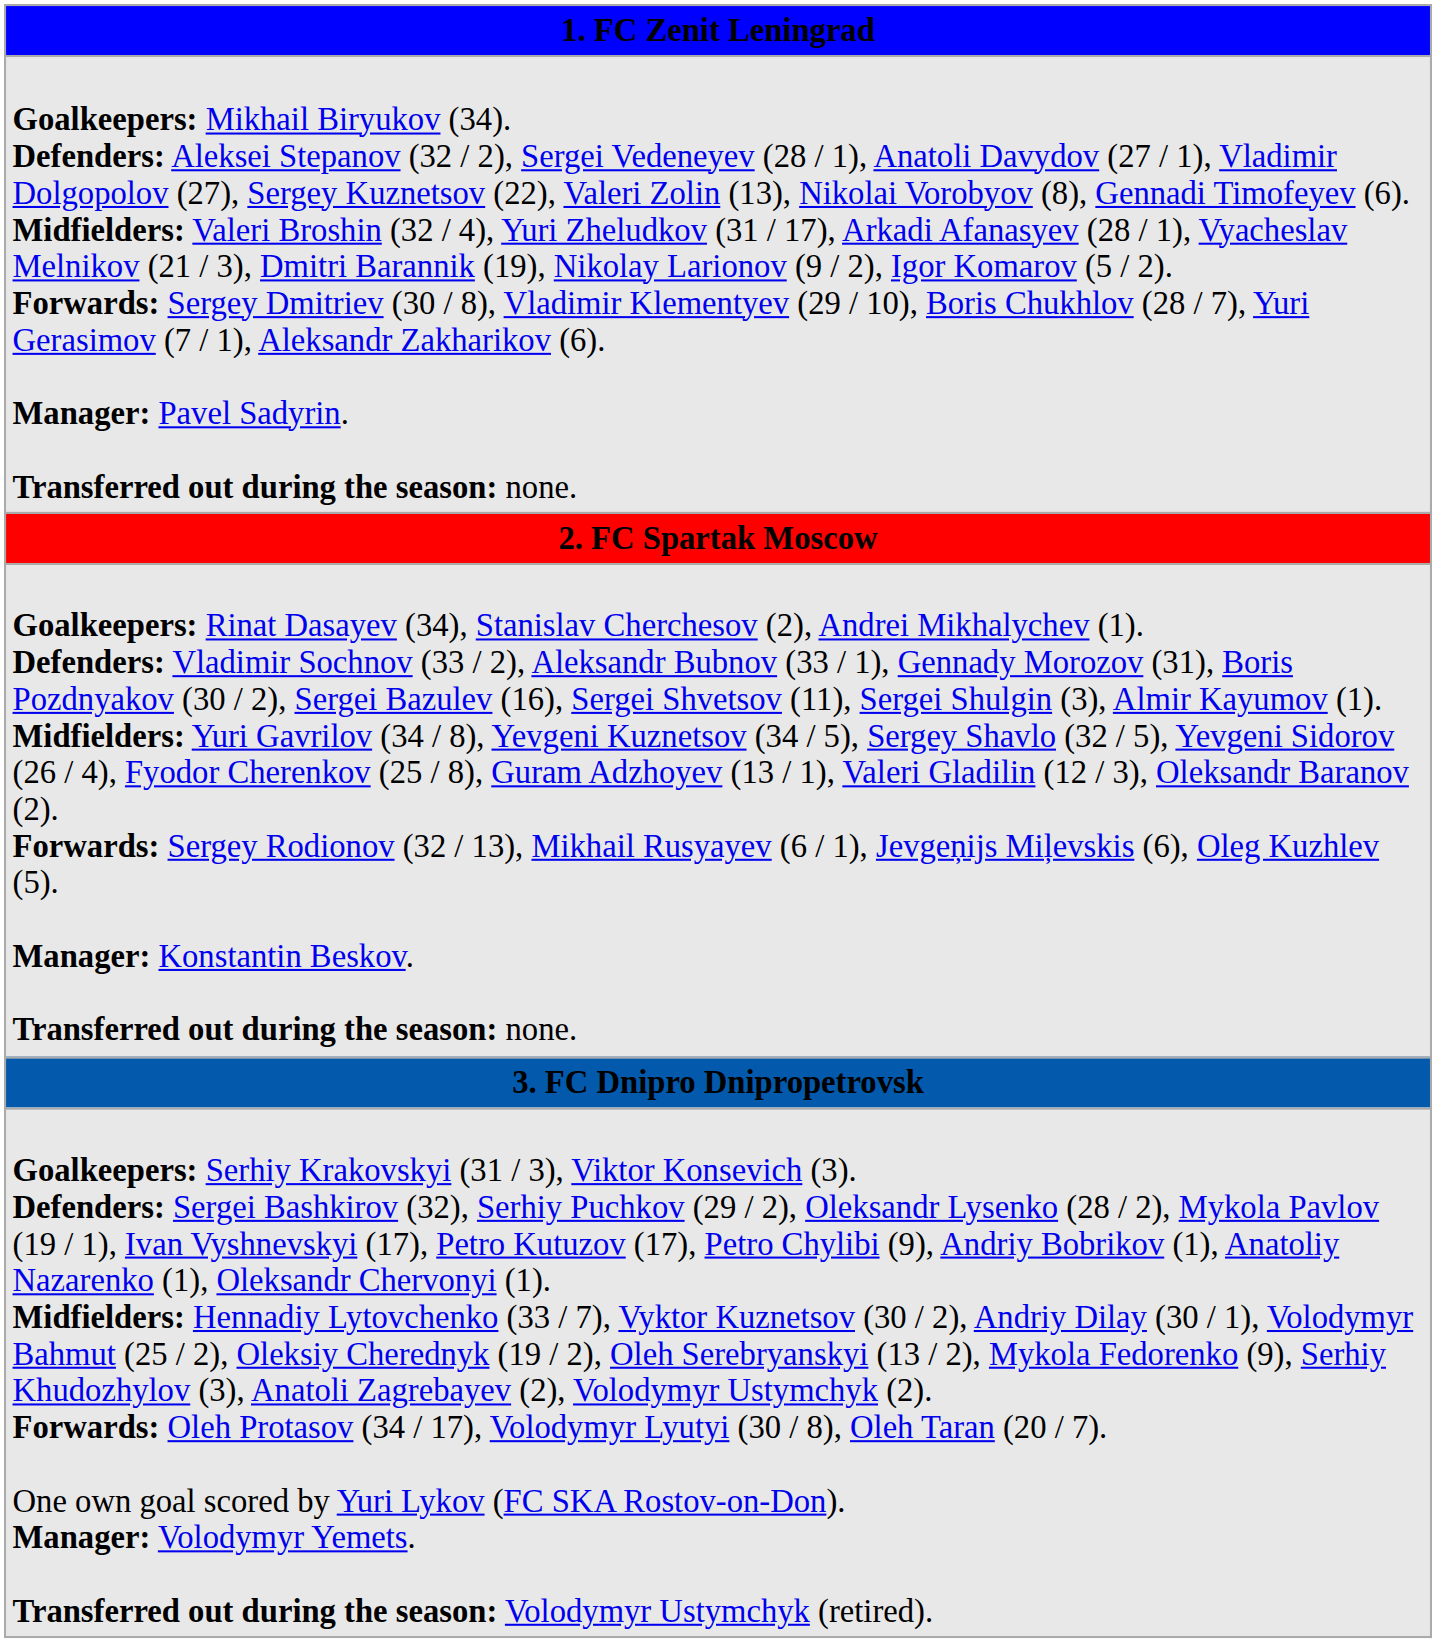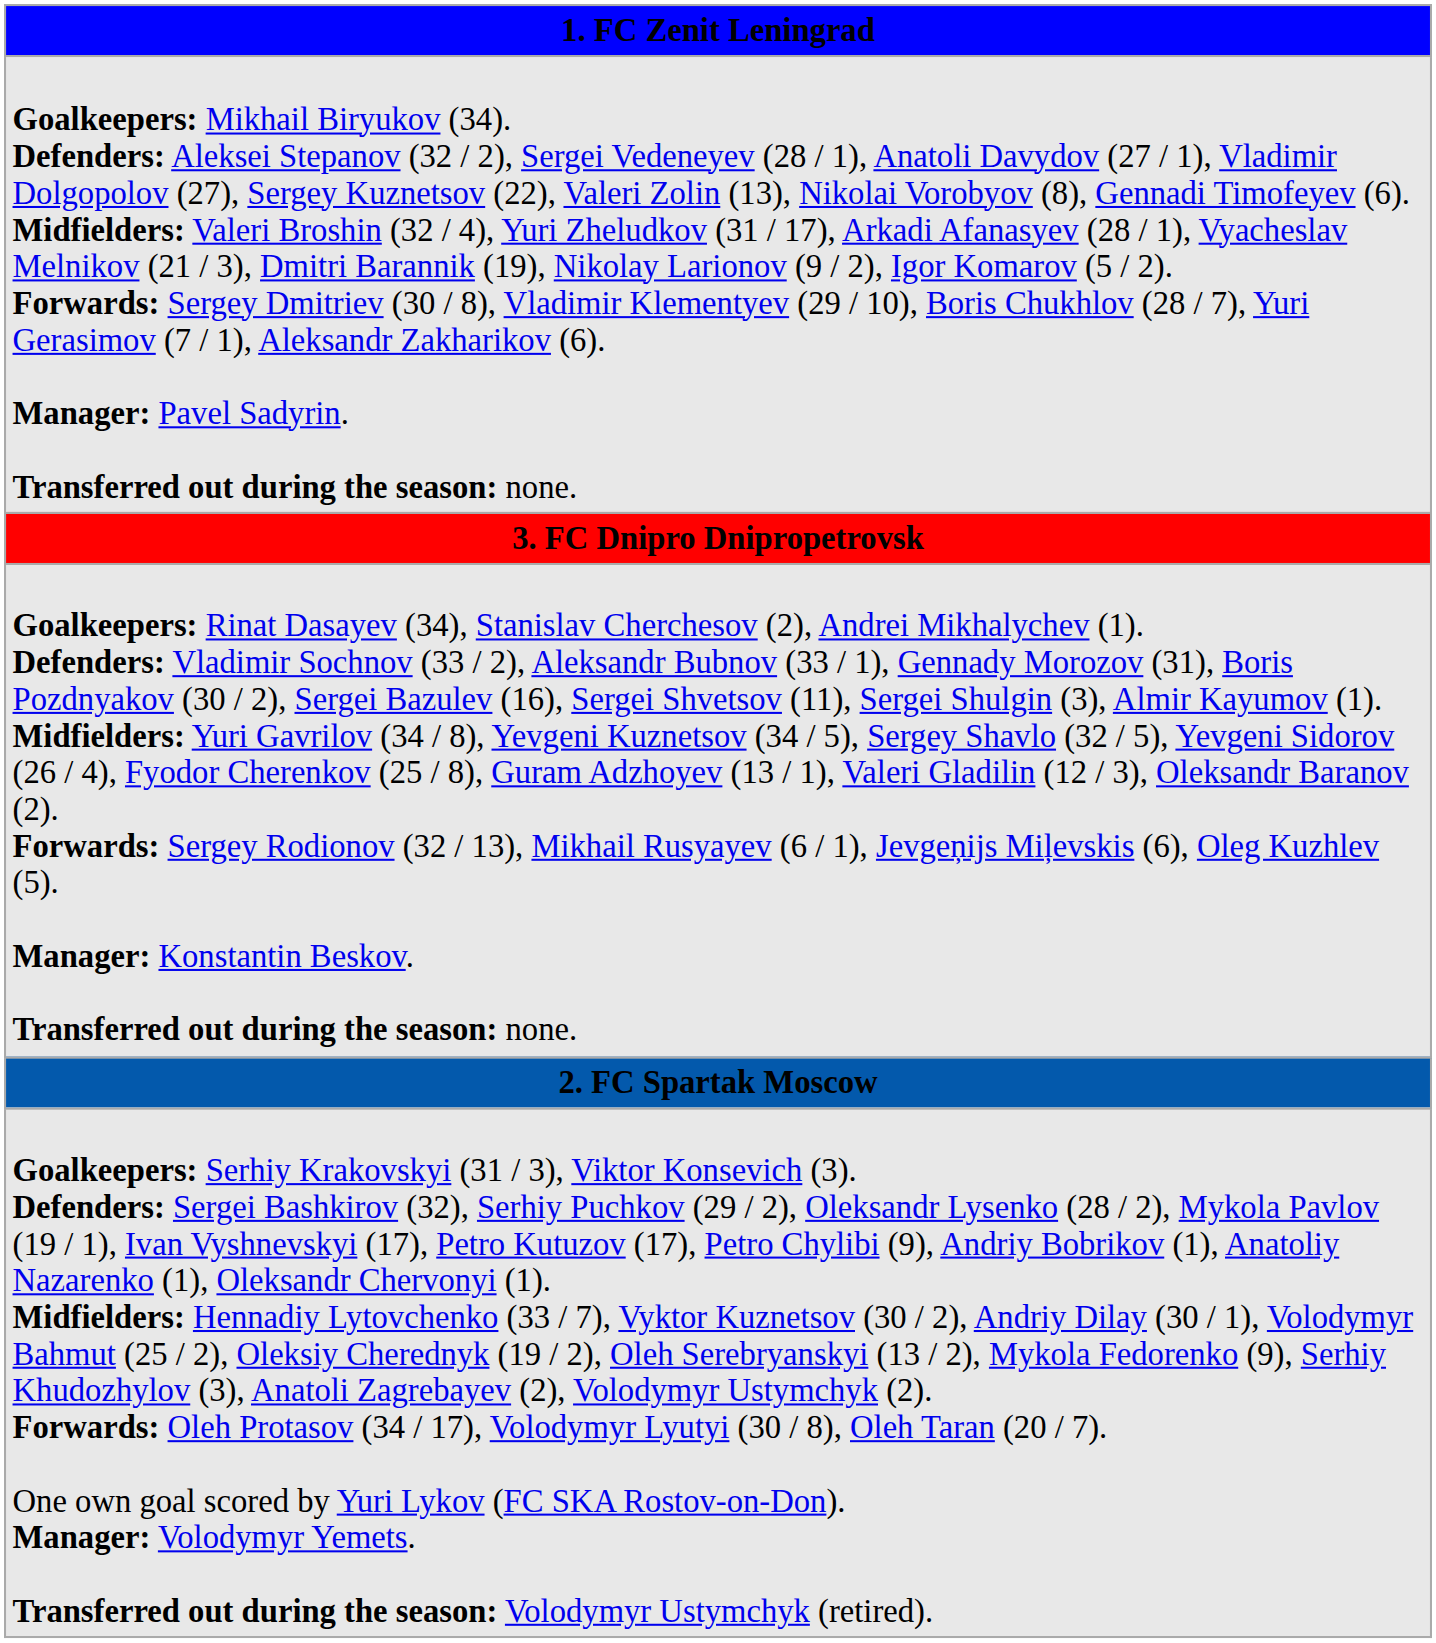 <table class="wikitable" style="width:700px;">
 <tr style="background:#00f;">
 <td style="text-align:center; width:700px;"><span> <strong>1. FC Zenit Leningrad</strong> </span></td>
 </tr>
 <tr style="background:#e8e8e8;">
 <td style="text-align:left; width:700px;"><br><strong>Goalkeepers:</strong> <a href='#'>Mikhail Biryukov</a> (34).<br> <strong>Defenders:</strong> <a href='#'>Aleksei Stepanov</a> (32 / 2), <a href='#'>Sergei Vedeneyev</a> (28 / 1), <a href='#'>Anatoli Davydov</a> (27 / 1), <a href='#'>Vladimir Dolgopolov</a> (27), <a href='#'>Sergey Kuznetsov</a> (22), <a href='#'>Valeri Zolin</a> (13), <a href='#'>Nikolai Vorobyov</a> (8), <a href='#'>Gennadi Timofeyev</a> (6).<br> <strong>Midfielders:</strong> <a href='#'>Valeri Broshin</a> (32 / 4), <a href='#'>Yuri Zheludkov</a> (31 / 17), <a href='#'>Arkadi Afanasyev</a> (28 / 1), <a href='#'>Vyacheslav Melnikov</a> (21 / 3), <a href='#'>Dmitri Barannik</a> (19), <a href='#'>Nikolay Larionov</a> (9 / 2), <a href='#'>Igor Komarov</a> (5 / 2).<br> <strong>Forwards:</strong> <a href='#'>Sergey Dmitriev</a> (30 / 8), <a href='#'>Vladimir Klementyev</a> (29 / 10), <a href='#'>Boris Chukhlov</a> (28 / 7), <a href='#'>Yuri Gerasimov</a> (7 / 1), <a href='#'>Aleksandr Zakharikov</a> (6).<br><br><strong>Manager:</strong> <a href='#'>Pavel Sadyrin</a>.<br><br><strong>Transferred out during the season:</strong> none.</td>
 </tr>
 <tr style="background:#f00;">
-<td style="text-align:center; width:700px;"><span> <strong>2. FC Spartak Moscow</strong> </span></td>
+<td style="text-align:center; width:700px;"><span> <strong>3. FC Dnipro Dnipropetrovsk</strong> </span></td>
 </tr>
 <tr style="background:#e8e8e8;">
 <td style="text-align:left; width:700px;"><br><strong>Goalkeepers:</strong> <a href='#'>Rinat Dasayev</a> (34), <a href='#'>Stanislav Cherchesov</a> (2), <a href='#'>Andrei Mikhalychev</a> (1).<br> <strong>Defenders:</strong> <a href='#'>Vladimir Sochnov</a> (33 / 2), <a href='#'>Aleksandr Bubnov</a> (33 / 1), <a href='#'>Gennady Morozov</a> (31), <a href='#'>Boris Pozdnyakov</a> (30 / 2), <a href='#'>Sergei Bazulev</a> (16), <a href='#'>Sergei Shvetsov</a> (11), <a href='#'>Sergei Shulgin</a> (3), <a href='#'>Almir Kayumov</a> (1).<br> <strong>Midfielders:</strong> <a href='#'>Yuri Gavrilov</a> (34 / 8), <a href='#'>Yevgeni Kuznetsov</a> (34 / 5), <a href='#'>Sergey Shavlo</a> (32 / 5), <a href='#'>Yevgeni Sidorov</a> (26 / 4), <a href='#'>Fyodor Cherenkov</a> (25 / 8), <a href='#'>Guram Adzhoyev</a> (13 / 1), <a href='#'>Valeri Gladilin</a> (12 / 3), <a href='#'>Oleksandr Baranov</a> (2).<br> <strong>Forwards:</strong> <a href='#'>Sergey Rodionov</a> (32 / 13), <a href='#'>Mikhail Rusyayev</a> (6 / 1), <a href='#'>Jevgeņijs Miļevskis</a> (6), <a href='#'>Oleg Kuzhlev</a> (5).<br><br><strong>Manager:</strong> <a href='#'>Konstantin Beskov</a>.<br><br><strong>Transferred out during the season:</strong> none.</td>
 </tr>
 <tr style="background:#0359ac;">
-<td style="text-align:center; width:700px;"><span> <strong>3. FC Dnipro Dnipropetrovsk</strong> </span></td>
+<td style="text-align:center; width:700px;"><span> <strong>2. FC Spartak Moscow</strong> </span></td>
 </tr>
 <tr style="background:#e8e8e8;">
 <td style="text-align:left; width:700px;"><br><strong>Goalkeepers:</strong> <a href='#'>Serhiy Krakovskyi</a> (31 / 3), <a href='#'>Viktor Konsevich</a> (3).<br> <strong>Defenders:</strong> <a href='#'>Sergei Bashkirov</a> (32), <a href='#'>Serhiy Puchkov</a> (29 / 2), <a href='#'>Oleksandr Lysenko</a> (28 / 2), <a href='#'>Mykola Pavlov</a> (19 / 1), <a href='#'>Ivan Vyshnevskyi</a> (17), <a href='#'>Petro Kutuzov</a> (17), <a href='#'>Petro Chylibi</a> (9), <a href='#'>Andriy Bobrikov</a> (1), <a href='#'>Anatoliy Nazarenko</a> (1), <a href='#'>Oleksandr Chervonyi</a> (1).<br> <strong>Midfielders:</strong> <a href='#'>Hennadiy Lytovchenko</a> (33 / 7), <a href='#'>Vyktor Kuznetsov</a> (30 / 2), <a href='#'>Andriy Dilay</a> (30 / 1), <a href='#'>Volodymyr Bahmut</a> (25 / 2), <a href='#'>Oleksiy Cherednyk</a> (19 / 2), <a href='#'>Oleh Serebryanskyi</a> (13 / 2), <a href='#'>Mykola Fedorenko</a> (9), <a href='#'>Serhiy Khudozhylov</a> (3), <a href='#'>Anatoli Zagrebayev</a> (2), <a href='#'>Volodymyr Ustymchyk</a> (2).<br> <strong>Forwards:</strong> <a href='#'>Oleh Protasov</a> (34 / 17), <a href='#'>Volodymyr Lyutyi</a> (30 / 8), <a href='#'>Oleh Taran</a> (20 / 7).<br><br>One own goal scored by <a href='#'>Yuri Lykov</a> (<a href='#'>FC SKA Rostov-on-Don</a>).<br><strong>Manager:</strong> <a href='#'>Volodymyr Yemets</a>.<br><br><strong>Transferred out during the season:</strong> <a href='#'>Volodymyr Ustymchyk</a> (retired).</td>
 </tr>
 </table>
